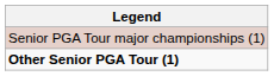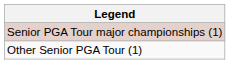 <table class="wikitable" style="font-size:95%;">
 <tr>
 <th>Legend</th>
 </tr>
 <tr style="background:#e5d1cb;">
 <td>Senior PGA Tour major championships (1)</td>
 </tr>
 <tr>
-<td><strong>Other Senior PGA Tour (1)</strong></td>
+<td>Other Senior PGA Tour (1)</td>
 </tr>
 </table>
